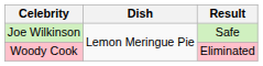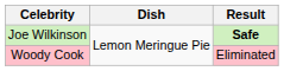 <table class="wikitable" style="text-align:center;">
 <tr>
 <th>Celebrity</th>
 <th>Dish</th>
 <th>Result</th>
 </tr>
 <tr>
 <td style="background:#d0f0c0;">Joe Wilkinson</td>
 <td rowspan="2">Lemon Meringue Pie</td>
-<td style="background:#d0f0c0;">Safe</td>
+<td style="background:#d0f0c0;"><strong>Safe</strong></td>
 </tr>
 <tr>
 <td style="background:pink;">Woody Cook</td>
 <td style="background:pink;">Eliminated</td>
 </tr>
 </table>
